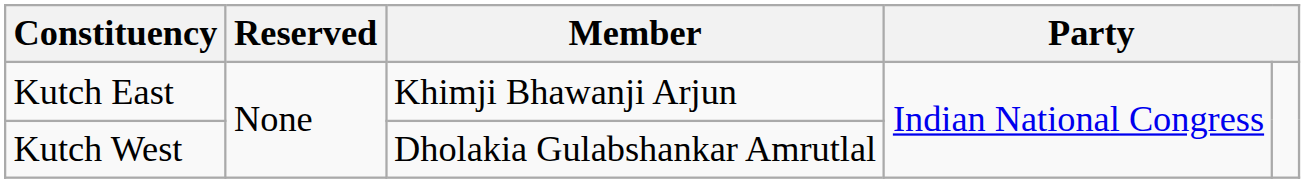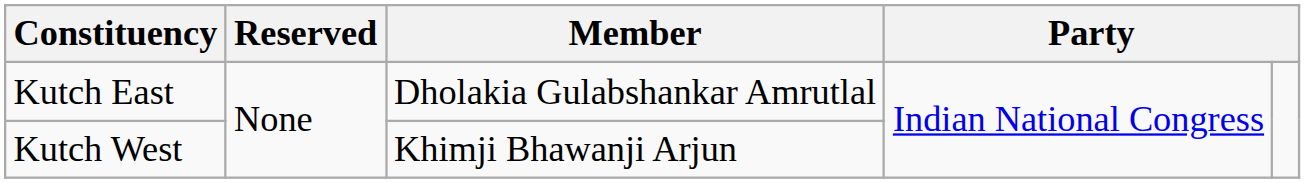 <table class="wikitable">
 <tr>
 <th>Constituency</th>
 <th>Reserved</th>
 <th>Member</th>
 <th colspan=2>Party</th>
 </tr>
 <tr>
 <td>Kutch East</td>
 <td rowspan=2>None</td>
-<td>Khimji Bhawanji Arjun</td>
+<td>Dholakia Gulabshankar Amrutlal</td>
 <td rowspan=2><a href='#'>Indian National Congress</a></td>
 <td rowspan=2 width="4px" style="background-color: "></td>
 </tr>
 <tr>
 <td>Kutch West</td>
-<td>Dholakia Gulabshankar Amrutlal</td>
+<td>Khimji Bhawanji Arjun</td>
 </tr>
 </table>
